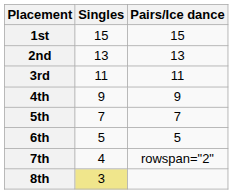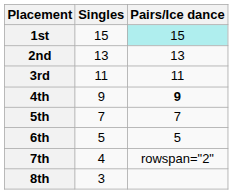 <table class="wikitable unsortable" style="text-align:center">
 <tr>
 <th scope="col">Placement</th>
 <th scope="col">Singles</th>
 <th scope="col">Pairs/Ice dance</th>
 </tr>
 <tr>
 <th scope="row">1st</th>
 <td>15</td>
-<td>15</td>
+<td style="background: paleturquoise;">15</td>
 </tr>
 <tr>
 <th scope="row">2nd</th>
 <td>13</td>
 <td>13</td>
 </tr>
 <tr>
 <th scope="row">3rd</th>
 <td>11</td>
 <td>11</td>
 </tr>
 <tr>
 <th scope="row">4th</th>
 <td>9</td>
-<td>9</td>
+<td><strong>9</strong></td>
 </tr>
 <tr>
 <th scope="row">5th</th>
 <td>7</td>
 <td>7</td>
 </tr>
 <tr>
 <th scope="row">6th</th>
 <td>5</td>
 <td>5</td>
 </tr>
 <tr>
 <th scope="row">7th</th>
 <td>4</td>
 <td>rowspan="2" </td>
 </tr>
 <tr>
 <th scope="row">8th</th>
-<td style="background: khaki;">3</td>
+<td>3</td>
 </tr>
 </table>
